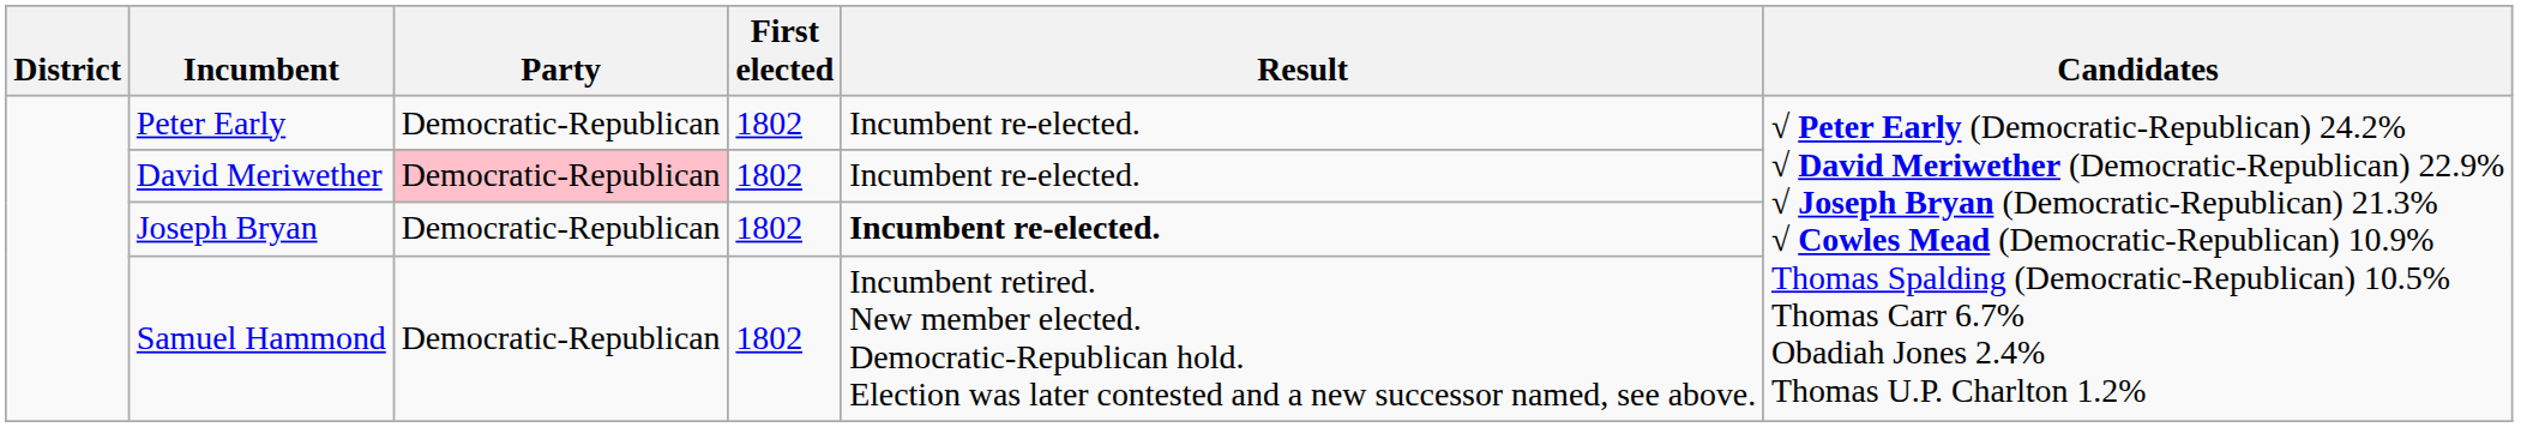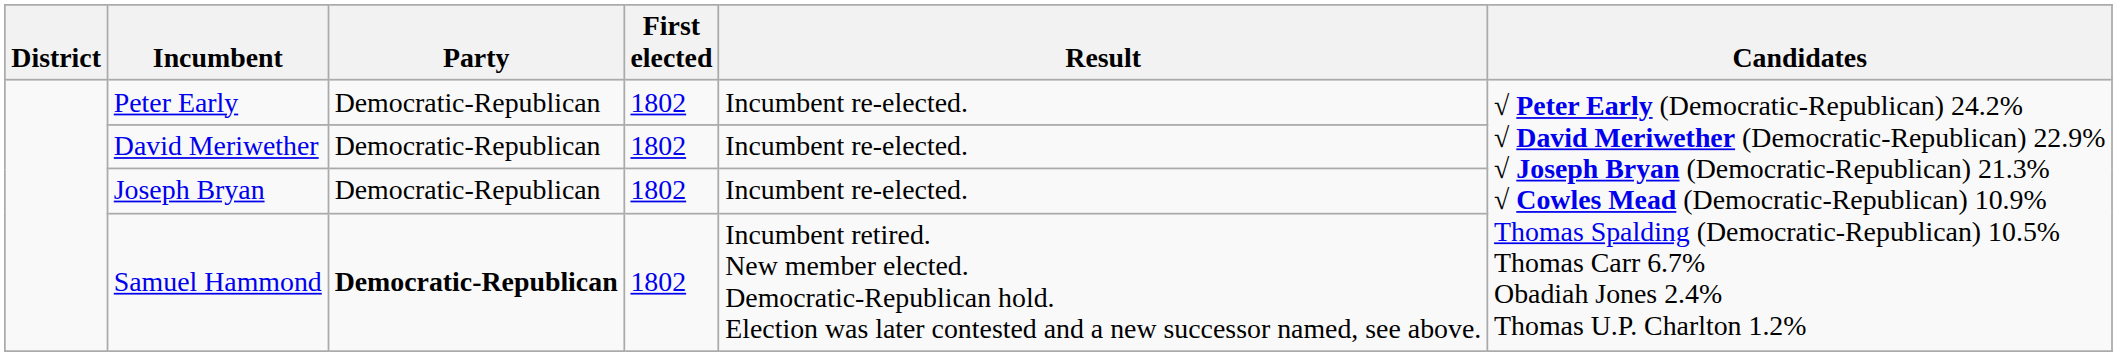 <table class=wikitable>
 <tr valign=bottom>
 <th>District</th>
 <th>Incumbent</th>
 <th>Party</th>
 <th>First<br>elected</th>
 <th>Result</th>
 <th>Candidates</th>
 </tr>
 <tr>
 <td rowspan=4><br></td>
 <td><a href='#'>Peter Early</a></td>
 <td>Democratic-Republican</td>
 <td><a href='#'>1802</a></td>
 <td>Incumbent re-elected.</td>
 <td rowspan=4 nowrap><strong>√ <a href='#'>Peter Early</a></strong> (Democratic-Republican) 24.2%<br><strong>√ <a href='#'>David Meriwether</a></strong> (Democratic-Republican) 22.9%<br><strong>√ <a href='#'>Joseph Bryan</a></strong> (Democratic-Republican) 21.3%<br><strong>√ <a href='#'>Cowles Mead</a></strong> (Democratic-Republican) 10.9%<br><a href='#'>Thomas Spalding</a> (Democratic-Republican) 10.5%<br>Thomas Carr 6.7%<br>Obadiah Jones 2.4%<br>Thomas U.P. Charlton 1.2%</td>
 </tr>
 <tr>
 <td><a href='#'>David Meriwether</a></td>
-<td style="background: pink;">Democratic-Republican</td>
+<td>Democratic-Republican</td>
 <td><a href='#'>1802</a></td>
 <td>Incumbent re-elected.</td>
 </tr>
 <tr>
 <td><a href='#'>Joseph Bryan</a></td>
 <td>Democratic-Republican</td>
 <td><a href='#'>1802</a></td>
-<td><strong>Incumbent re-elected.</strong></td>
+<td>Incumbent re-elected.</td>
 </tr>
 <tr>
 <td><a href='#'>Samuel Hammond</a></td>
-<td>Democratic-Republican</td>
+<td><strong>Democratic-Republican</strong></td>
 <td><a href='#'>1802</a></td>
 <td>Incumbent retired.<br>New member elected.<br>Democratic-Republican hold.<br>Election was later contested and a new successor named, see above.</td>
 </tr>
 </table>
